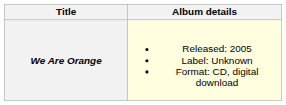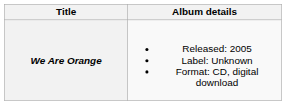 <table class="wikitable plainrowheaders" style="text-align:center;">
 <tr>
 <th scope="col" rowspan="1" style="width:12em;">Title</th>
 <th scope="col" rowspan="1" style="width:15em;">Album details</th>
 </tr>
 <tr>
 <th scope="row"><em>We Are Orange</em></th>
-<td style="background: lightyellow;"><br><ul><li>Released: 2005</li><li>Label: Unknown</li><li>Format: CD, digital download</li></ul></td>
+<td><br><ul><li>Released: 2005</li><li>Label: Unknown</li><li>Format: CD, digital download</li></ul></td>
 </tr>
 </table>
